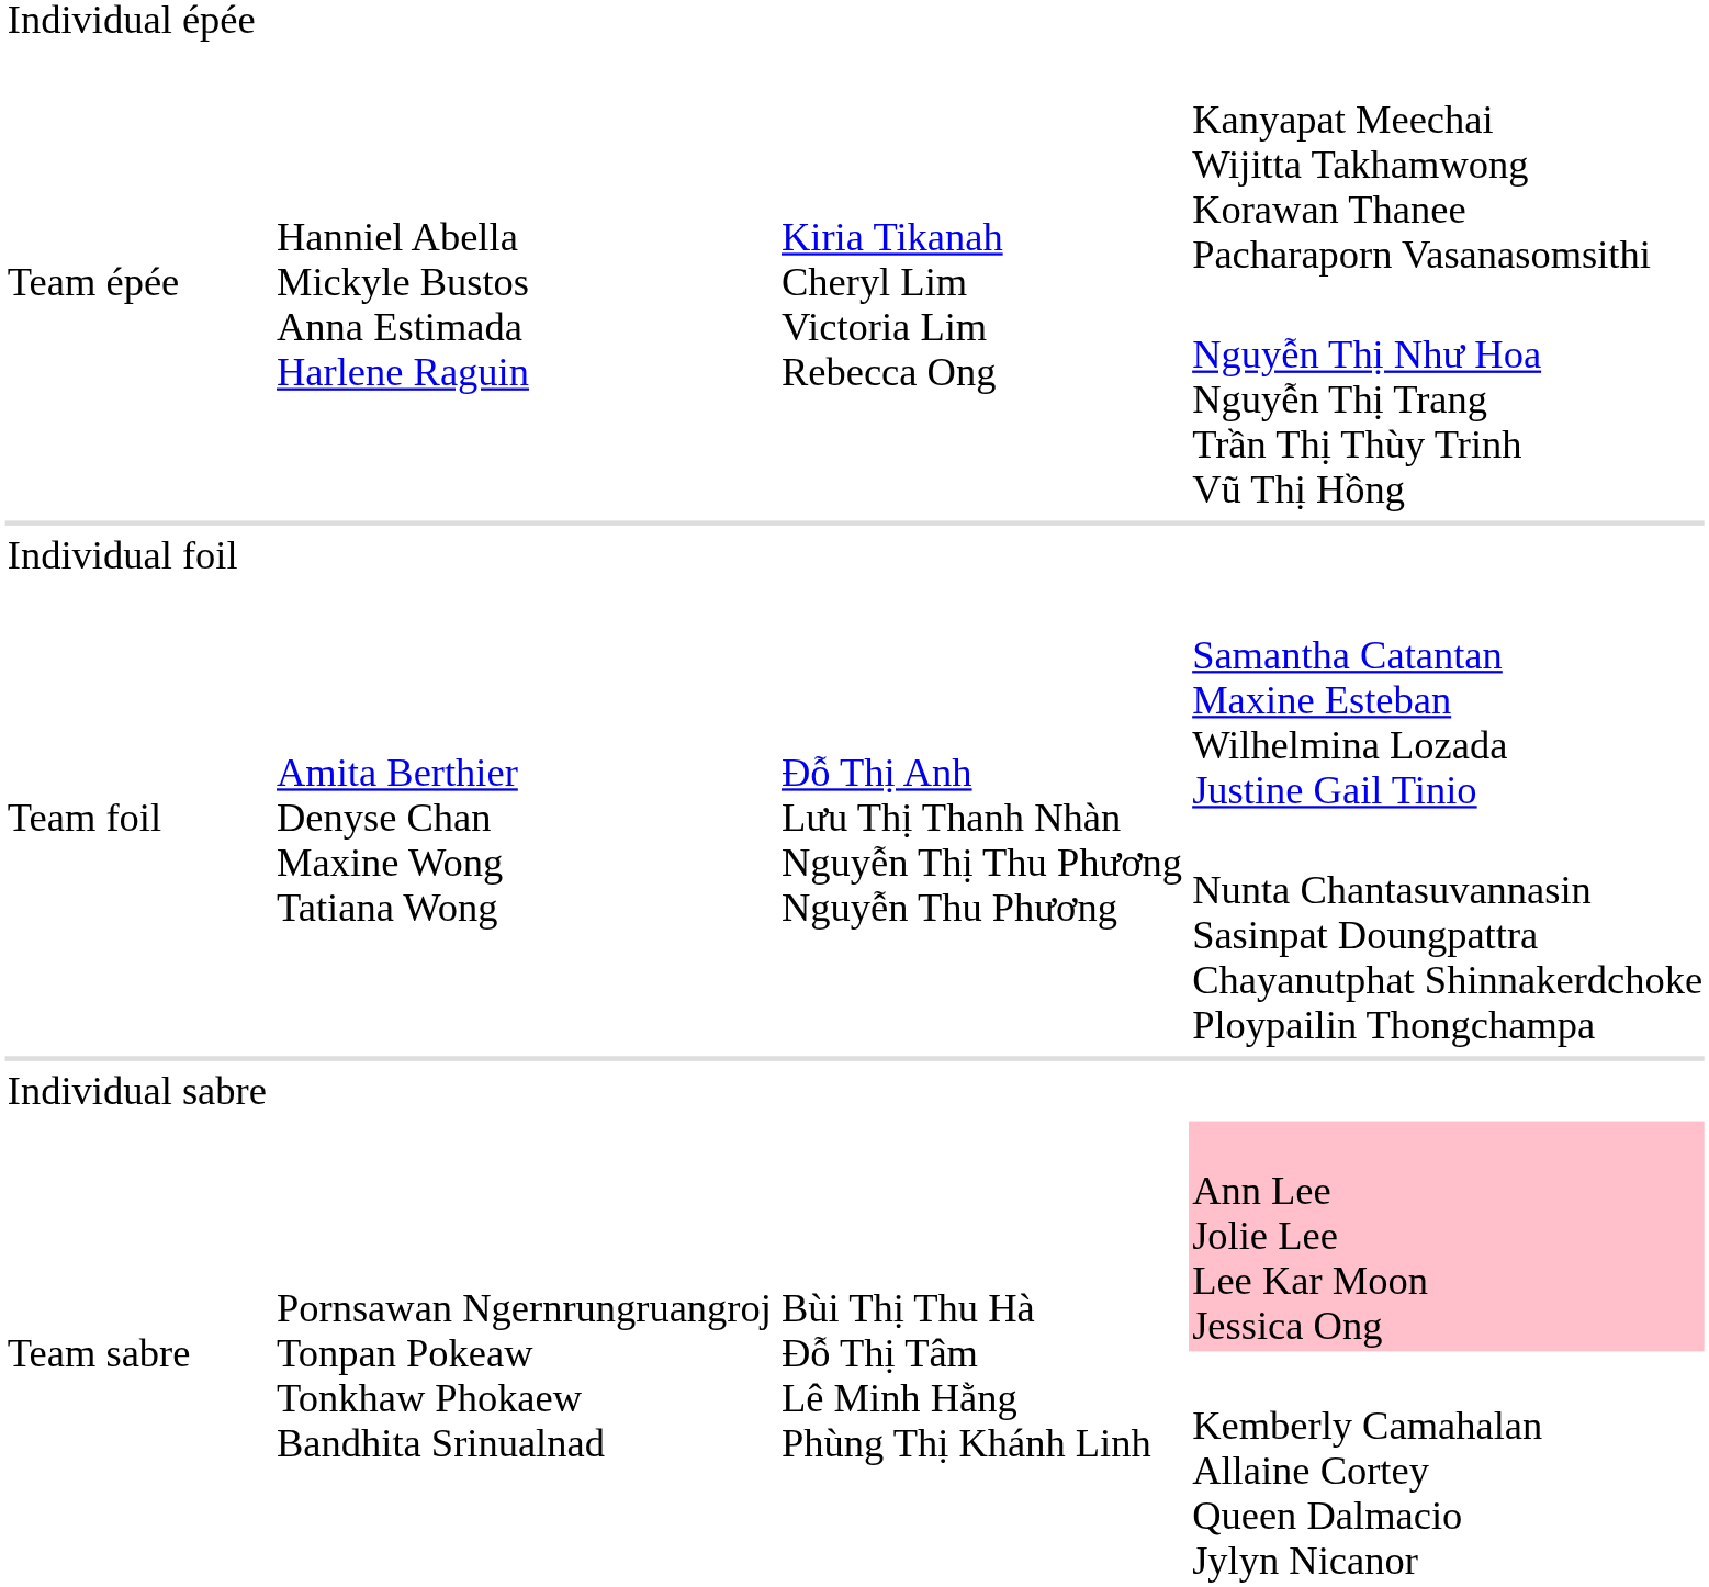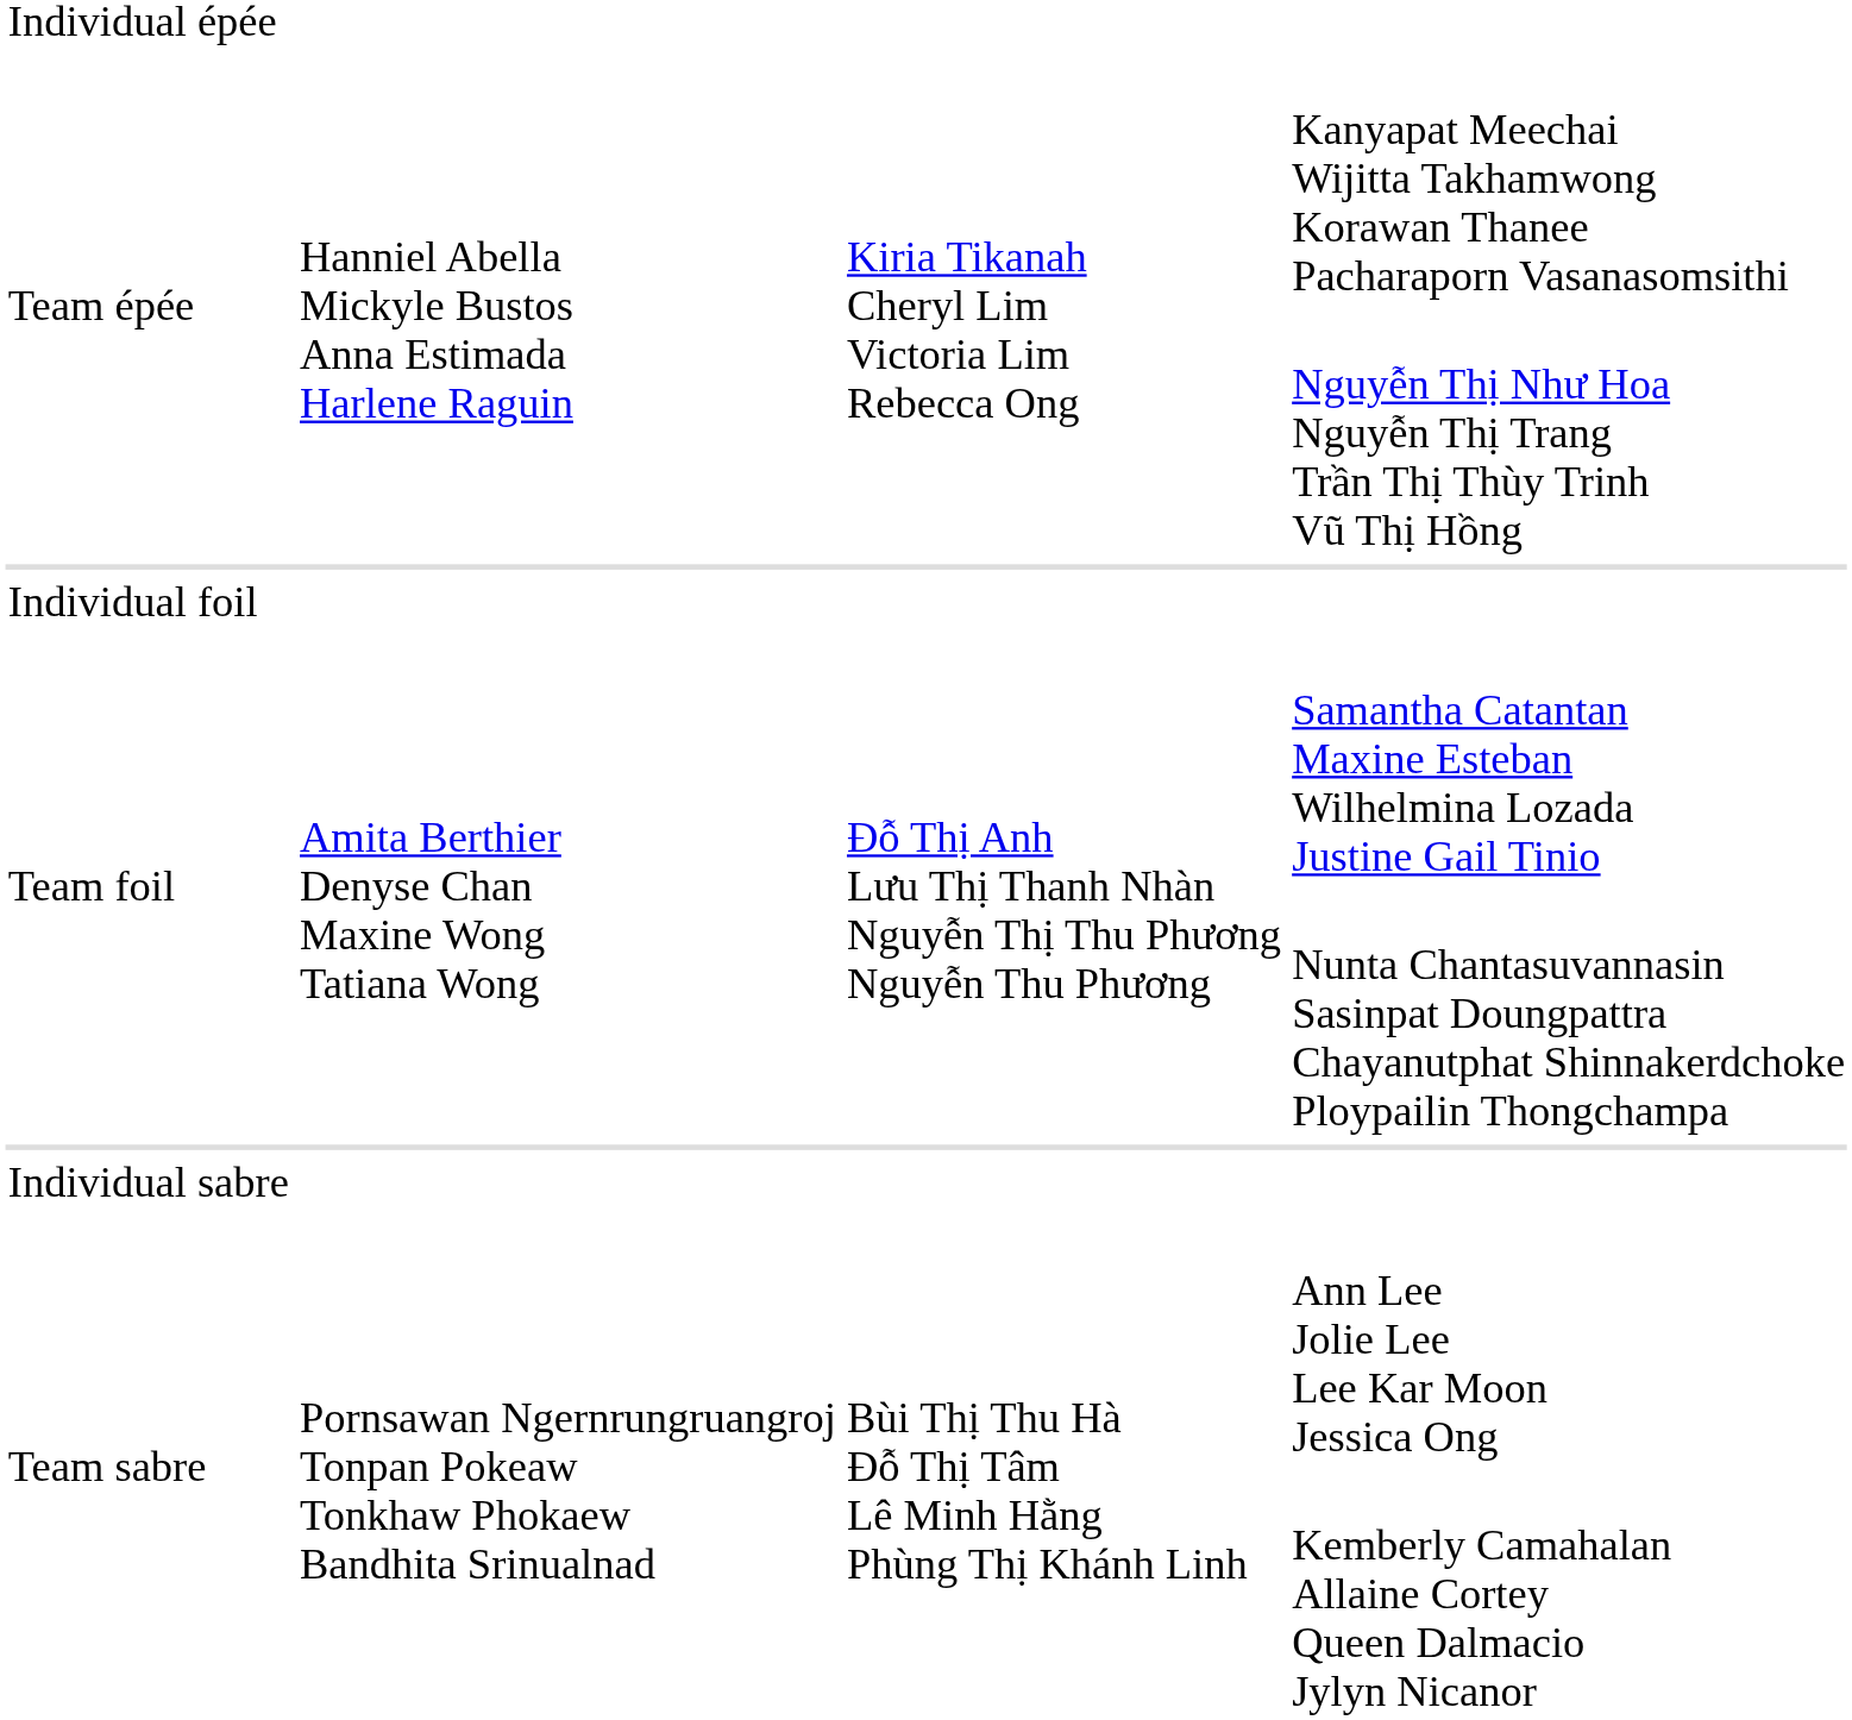 <table>
 <tr>
 <td rowspan=2>Individual épée</td>
 <td rowspan=2></td>
 <td rowspan=2></td>
 <td></td>
 </tr>
 <tr>
 <td></td>
 </tr>
 <tr>
 <td rowspan=2>Team épée</td>
 <td rowspan=2><br>Hanniel Abella<br>Mickyle Bustos<br>Anna Estimada<br><a href='#'>Harlene Raguin</a></td>
 <td rowspan=2 nowrap=true><br><a href='#'>Kiria Tikanah</a><br>Cheryl Lim<br>Victoria Lim<br>Rebecca Ong</td>
 <td><br>Kanyapat Meechai<br>Wijitta Takhamwong<br>Korawan Thanee<br>Pacharaporn Vasanasomsithi</td>
 </tr>
 <tr>
 <td><br><a href='#'>Nguyễn Thị Như Hoa</a><br>Nguyễn Thị Trang<br>Trần Thị Thùy Trinh<br>Vũ Thị Hồng</td>
 </tr>
 <tr>
 <td colspan="7" style="background:#dddddd;"></td>
 </tr>
 <tr>
 <td rowspan=2>Individual foil</td>
 <td rowspan=2></td>
 <td rowspan=2></td>
 <td></td>
 </tr>
 <tr>
 <td></td>
 </tr>
 <tr>
 <td rowspan=2>Team foil</td>
 <td rowspan=2><br><a href='#'>Amita Berthier</a><br>Denyse Chan<br>Maxine Wong<br>Tatiana Wong</td>
 <td rowspan=2><br><a href='#'>Đỗ Thị Anh</a><br>Lưu Thị Thanh Nhàn<br>Nguyễn Thị Thu Phương<br>Nguyễn Thu Phương</td>
 <td><br><a href='#'>Samantha Catantan</a><br><a href='#'>Maxine Esteban</a><br>Wilhelmina Lozada<br><a href='#'>Justine Gail Tinio</a></td>
 </tr>
 <tr>
 <td nowrap=true><br>Nunta Chantasuvannasin<br>Sasinpat Doungpattra<br>Chayanutphat Shinnakerdchoke<br>Ploypailin Thongchampa</td>
 </tr>
 <tr>
 <td colspan="7" style="background:#dddddd;"></td>
 </tr>
 <tr>
 <td rowspan=2>Individual sabre</td>
 <td rowspan=2></td>
 <td rowspan=2></td>
 <td></td>
 </tr>
 <tr>
 <td></td>
 </tr>
 <tr>
 <td rowspan=2>Team sabre</td>
 <td rowspan=2 nowrap=true><br>Pornsawan Ngernrungruangroj<br>Tonpan Pokeaw<br>Tonkhaw Phokaew<br>Bandhita Srinualnad</td>
 <td rowspan=2><br>Bùi Thị Thu Hà<br>Đỗ Thị Tâm<br>Lê Minh Hằng <br>Phùng Thị Khánh Linh</td>
-<td style="background: pink;"><br>Ann Lee<br>Jolie Lee<br>Lee Kar Moon<br>Jessica Ong</td>
+<td><br>Ann Lee<br>Jolie Lee<br>Lee Kar Moon<br>Jessica Ong</td>
 </tr>
 <tr>
 <td><br>Kemberly Camahalan<br>Allaine Cortey<br>Queen Dalmacio<br>Jylyn Nicanor</td>
 </tr>
 </table>
